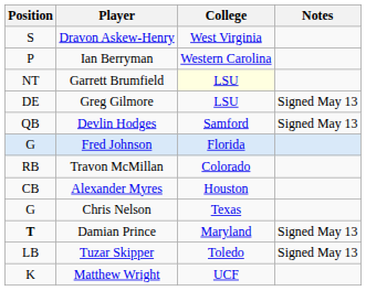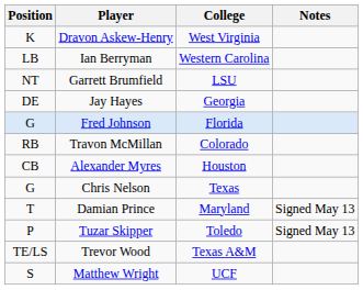 <table class="wikitable" style="font-size: 95%; text-align: center">
 <tr>
 <th>Position</th>
 <th>Player</th>
 <th>College</th>
 <th>Notes</th>
 </tr>
 <tr>
-<td>S</td>
+<td>K</td>
 <td><a href='#'>Dravon Askew-Henry</a></td>
 <td><a href='#'>West Virginia</a></td>
 <td></td>
 </tr>
 <tr>
-<td>P</td>
+<td>LB</td>
 <td>Ian Berryman</td>
 <td><a href='#'>Western Carolina</a></td>
 <td></td>
 </tr>
 <tr>
 <td>NT</td>
 <td>Garrett Brumfield</td>
-<td style="background: lightyellow;"><a href='#'>LSU</a></td>
+<td><a href='#'>LSU</a></td>
 <td></td>
 </tr>
 <tr>
 <td>DE</td>
-<td>Greg Gilmore</td>
-<td><a href='#'>LSU</a></td>
-<td>Signed May 13</td>
-</tr>
-<tr>
-<td>QB</td>
-<td><a href='#'>Devlin Hodges</a></td>
-<td><a href='#'>Samford</a></td>
-<td>Signed May 13</td>
+<td>Jay Hayes</td>
+<td><a href='#'>Georgia</a></td>
+<td></td>
 </tr>
 <tr>
 <td style="background:#d9e9f9;">G</td>
 <td style="background:#d9e9f9;"><a href='#'>Fred Johnson</a></td>
 <td style="background:#d9e9f9;"><a href='#'>Florida</a></td>
 <td style="background:#d9e9f9;"></td>
 </tr>
 <tr>
 <td>RB</td>
 <td>Travon McMillan</td>
 <td><a href='#'>Colorado</a></td>
 <td></td>
 </tr>
 <tr>
 <td>CB</td>
 <td><a href='#'>Alexander Myres</a></td>
 <td><a href='#'>Houston</a></td>
 <td></td>
 </tr>
 <tr>
 <td>G</td>
 <td>Chris Nelson</td>
 <td><a href='#'>Texas</a></td>
 <td></td>
 </tr>
 <tr>
-<td><strong>T</strong></td>
+<td>T</td>
 <td>Damian Prince</td>
 <td><a href='#'>Maryland</a></td>
 <td>Signed May 13</td>
 </tr>
 <tr>
-<td>LB</td>
+<td>P</td>
 <td><a href='#'>Tuzar Skipper</a></td>
 <td><a href='#'>Toledo</a></td>
 <td>Signed May 13</td>
 </tr>
 <tr>
-<td>K</td>
+<td>TE/LS</td>
+<td>Trevor Wood</td>
+<td><a href='#'>Texas A&M</a></td>
+<td></td>
+</tr>
+<tr>
+<td>S</td>
 <td><a href='#'>Matthew Wright</a></td>
 <td><a href='#'>UCF</a></td>
 <td></td>
 </tr>
 </table>
